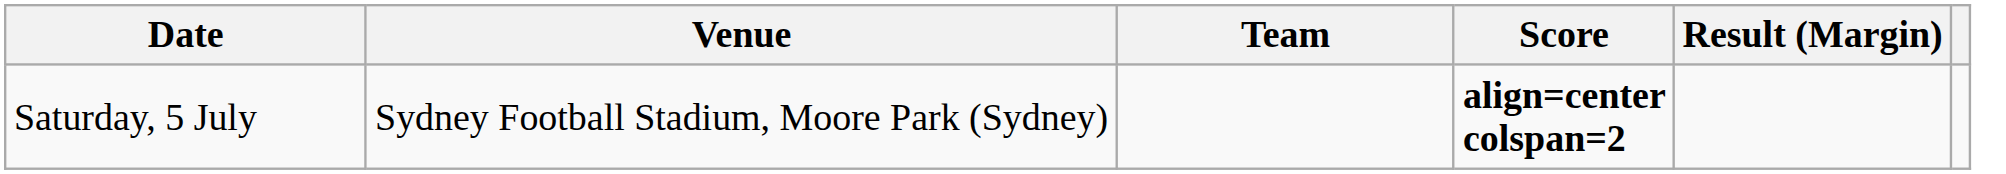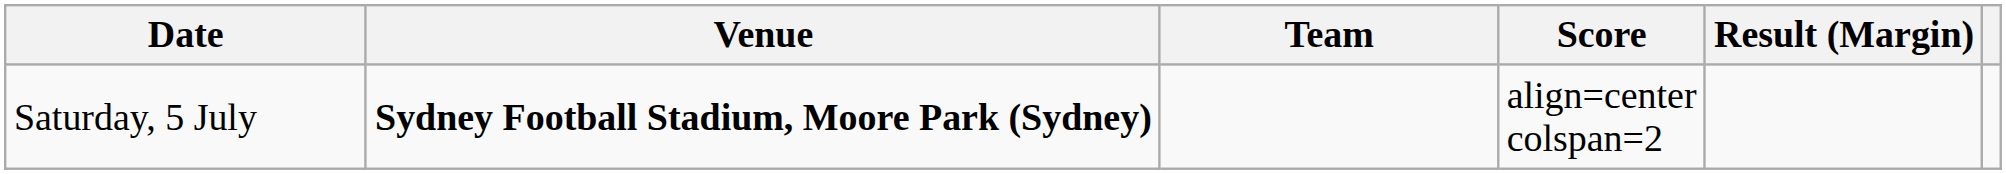 <table class="wikitable">
 <tr>
 <th width=145>Date</th>
 <th>Venue</th>
 <th width=135>Team</th>
 <th width=70>Score</th>
 <th>Result (Margin)</th>
 <th></th>
 </tr>
 <tr>
 <td>Saturday, 5 July</td>
-<td>Sydney Football Stadium, Moore Park (Sydney)</td>
+<td><strong>Sydney Football Stadium, Moore Park (Sydney)</strong></td>
 <td></td>
-<td><strong>align=center colspan=2 </strong></td>
+<td>align=center colspan=2 </td>
 <td align=center></td>
 </tr>
 </table>
